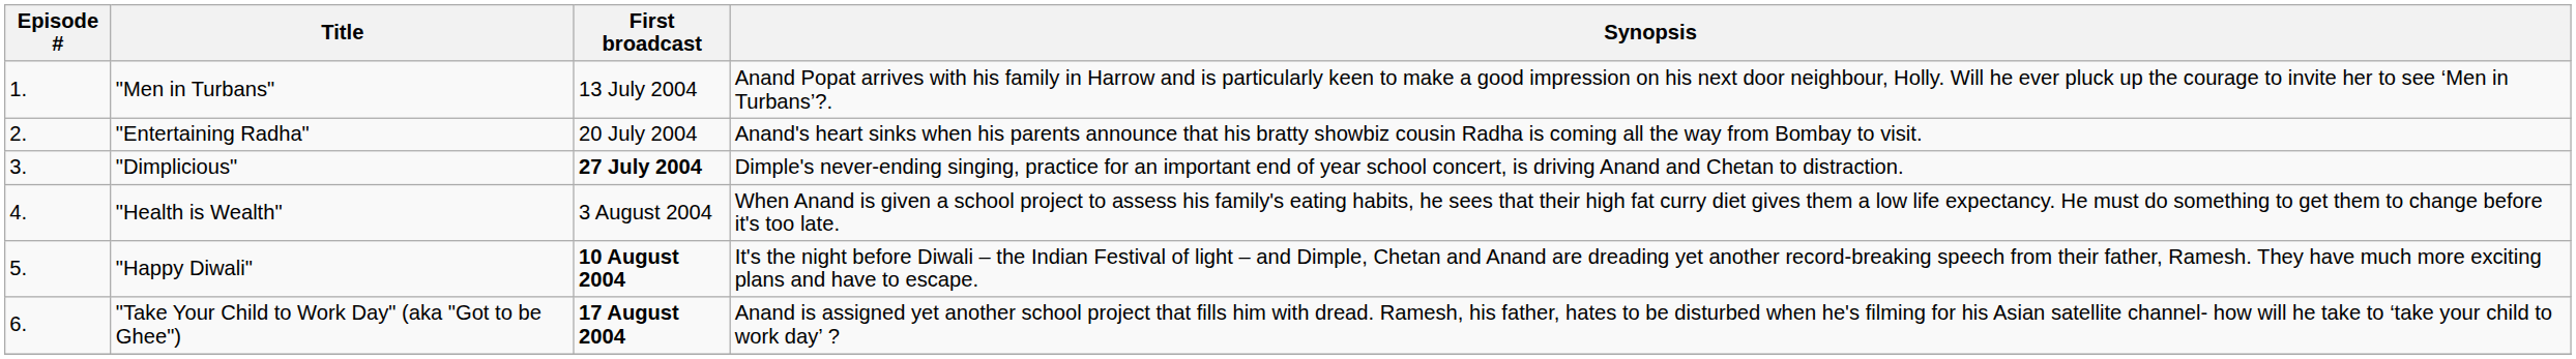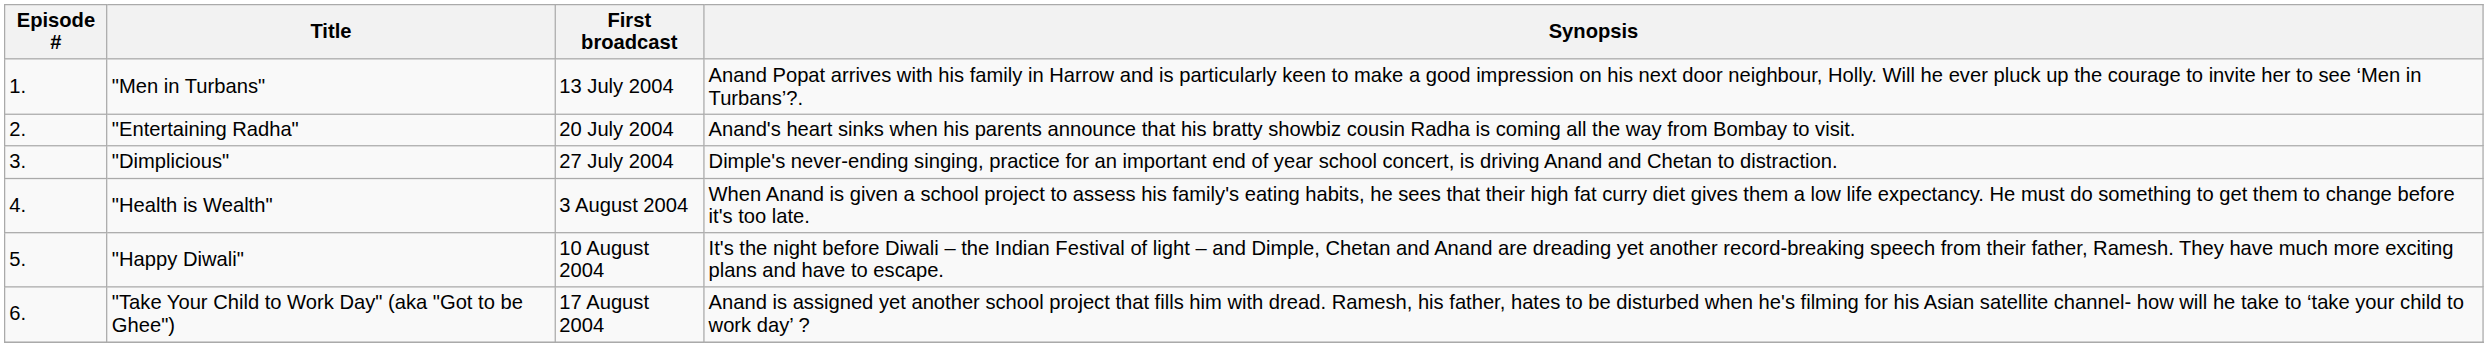 <table class="wikitable">
 <tr>
 <th>Episode #</th>
 <th>Title</th>
 <th>First broadcast</th>
 <th>Synopsis</th>
 </tr>
 <tr>
 <td>1.</td>
 <td>"Men in Turbans"</td>
 <td>13 July 2004</td>
 <td>Anand Popat arrives with his family in Harrow and is particularly keen to make a good impression on his next door neighbour, Holly. Will he ever pluck up the courage to invite her to see ‘Men in Turbans’?.</td>
 </tr>
 <tr>
 <td>2.</td>
 <td>"Entertaining Radha"</td>
 <td>20 July 2004</td>
 <td>Anand's heart sinks when his parents announce that his bratty showbiz cousin Radha is coming all the way from Bombay to visit.</td>
 </tr>
 <tr>
 <td>3.</td>
 <td>"Dimplicious"</td>
-<td><strong>27 July 2004</strong></td>
+<td>27 July 2004</td>
 <td>Dimple's never-ending singing, practice for an important end of year school concert, is driving Anand and Chetan to distraction.</td>
 </tr>
 <tr>
 <td>4.</td>
 <td>"Health is Wealth"</td>
 <td>3 August 2004</td>
 <td>When Anand is given a school project to assess his family's eating habits, he sees that their high fat curry diet gives them a low life expectancy. He must do something to get them to change before it's too late.</td>
 </tr>
 <tr>
 <td>5.</td>
 <td>"Happy Diwali"</td>
-<td><strong>10 August 2004</strong></td>
+<td>10 August 2004</td>
 <td>It's the night before Diwali – the Indian Festival of light – and Dimple, Chetan and Anand are dreading yet another record-breaking speech from their father, Ramesh. They have much more exciting plans and have to escape.</td>
 </tr>
 <tr>
 <td>6.</td>
 <td>"Take Your Child to Work Day" (aka "Got to be Ghee")</td>
-<td><strong>17 August 2004</strong></td>
+<td>17 August 2004</td>
 <td>Anand is assigned yet another school project that fills him with dread. Ramesh, his father, hates to be disturbed when he's filming for his Asian satellite channel- how will he take to ‘take your child to work day’ ?</td>
 </tr>
 <tr>
 </tr>
 <tr>
 </tr>
 </table>
